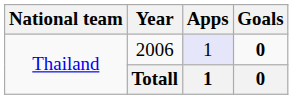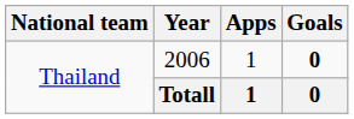 <table class="wikitable" style="text-align:center">
 <tr>
 <th>National team</th>
 <th>Year</th>
 <th>Apps</th>
 <th>Goals</th>
 </tr>
 <tr>
 <td rowspan="2" valign="center"><a href='#'>Thailand</a></td>
 <td>2006</td>
-<td style="background: lavender;">1</td>
+<td>1</td>
 <td><strong>0</strong></td>
 </tr>
 <tr>
 <th>Totall</th>
 <th>1</th>
 <th>0</th>
 </tr>
 </table>
